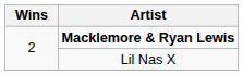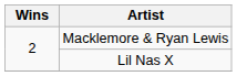 <table class="wikitable" style="text-align:center;">
 <tr>
 <th scope="col" width="55">Wins</th>
 <th scope="col" align="center">Artist</th>
 </tr>
 <tr>
 <td rowspan=2 style="text-align:center">2</td>
-<td><strong>Macklemore & Ryan Lewis</strong></td>
+<td>Macklemore & Ryan Lewis</td>
 </tr>
 <tr>
 <td>Lil Nas X</td>
 </tr>
 <tr>
 </tr>
 </table>
